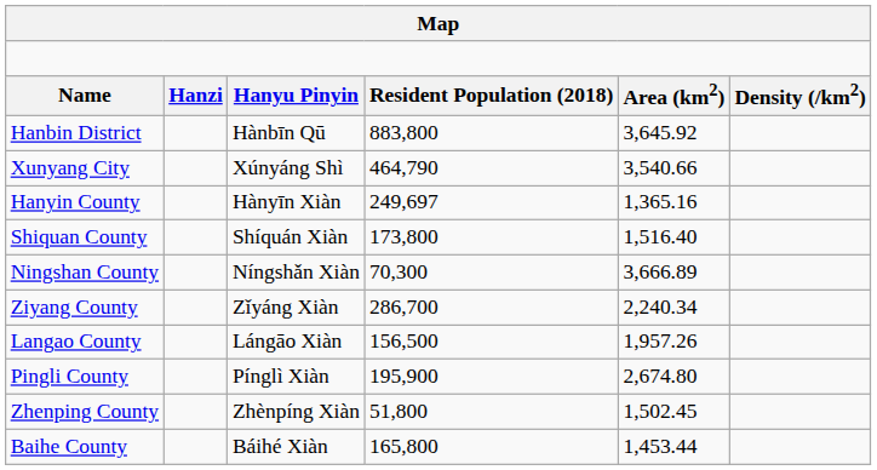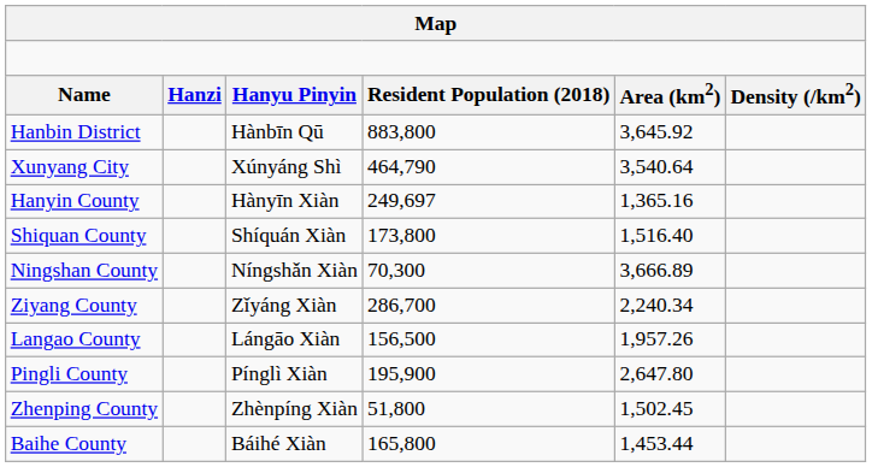 <table class="wikitable"  style="font-size:90%;" align=center>
 <tr>
 <th colspan="6" align="center">Map</th>
 </tr>
 <tr>
 <td colspan="6" align="center"><div><br>             </div></td>
 </tr>
 <tr>
 <th>Name</th>
 <th><a href='#'>Hanzi</a></th>
 <th><a href='#'>Hanyu Pinyin</a></th>
 <th>Resident Population (2018)</th>
 <th>Area (km<sup>2</sup>)</th>
 <th>Density (/km<sup>2</sup>)</th>
 </tr>
 <tr>
 <td><a href='#'>Hanbin District</a></td>
 <td></td>
 <td>Hànbīn Qū</td>
 <td>883,800</td>
 <td>3,645.92</td>
 <td></td>
 </tr>
 <tr>
 <td><a href='#'>Xunyang City</a></td>
 <td></td>
 <td>Xúnyáng Shì</td>
 <td>464,790</td>
-<td>3,540.66</td>
+<td>3,540.64</td>
 <td></td>
 </tr>
 <tr>
 <td><a href='#'>Hanyin County</a></td>
 <td></td>
 <td>Hànyīn Xiàn</td>
 <td>249,697</td>
 <td>1,365.16</td>
 <td></td>
 </tr>
 <tr>
 <td><a href='#'>Shiquan County</a></td>
 <td></td>
 <td>Shíquán Xiàn</td>
 <td>173,800</td>
 <td>1,516.40</td>
 <td></td>
 </tr>
 <tr>
 <td><a href='#'>Ningshan County</a></td>
 <td></td>
 <td>Níngshǎn Xiàn</td>
 <td>70,300</td>
 <td>3,666.89</td>
 <td></td>
 </tr>
 <tr>
 <td><a href='#'>Ziyang County</a></td>
 <td></td>
 <td>Zǐyáng Xiàn</td>
 <td>286,700</td>
 <td>2,240.34</td>
 <td></td>
 </tr>
 <tr>
 <td><a href='#'>Langao County</a></td>
 <td></td>
 <td>Lángāo Xiàn</td>
 <td>156,500</td>
 <td>1,957.26</td>
 <td></td>
 </tr>
 <tr>
 <td><a href='#'>Pingli County</a></td>
 <td></td>
 <td>Pínglì Xiàn</td>
 <td>195,900</td>
-<td>2,674.80</td>
+<td>2,647.80</td>
 <td></td>
 </tr>
 <tr>
 <td><a href='#'>Zhenping County</a></td>
 <td></td>
 <td>Zhènpíng Xiàn</td>
 <td>51,800</td>
 <td>1,502.45</td>
 <td></td>
 </tr>
 <tr>
 <td><a href='#'>Baihe County</a></td>
 <td></td>
 <td>Báihé Xiàn</td>
 <td>165,800</td>
 <td>1,453.44</td>
 <td></td>
 </tr>
 </table>
